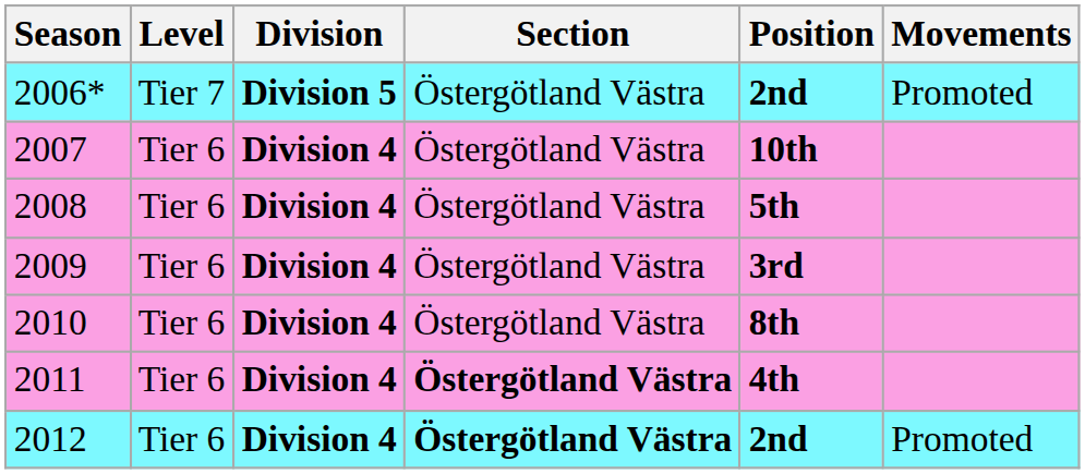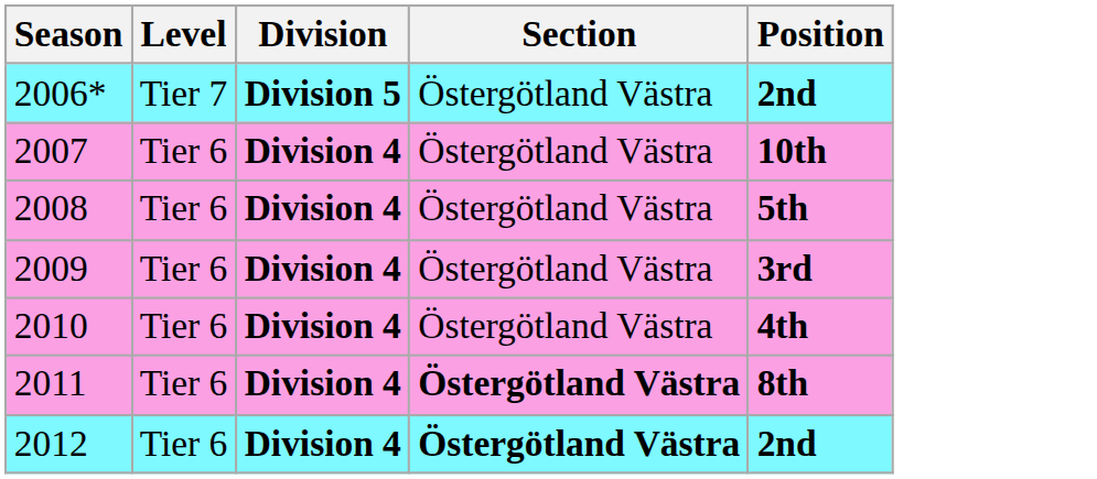 <table class="wikitable">
 <tr style="background:#f0f6fa;">
 <th>Season</th>
 <th>Level</th>
 <th>Division</th>
 <th>Section</th>
 <th>Position</th>
-<th>Movements</th>
 </tr>
 <tr>
 <td style="background:#7DF9FF;">2006*</td>
 <td style="background:#7DF9FF;">Tier 7</td>
 <td style="background:#7DF9FF;"><strong>Division 5</strong></td>
 <td style="background:#7DF9FF;">Östergötland Västra</td>
 <td style="background:#7DF9FF;"><strong>2nd</strong></td>
-<td style="background:#7DF9FF;">Promoted</td>
 </tr>
 <tr>
 <td style="background:#FBA0E3;">2007</td>
 <td style="background:#FBA0E3;">Tier 6</td>
 <td style="background:#FBA0E3;"><strong>Division 4</strong></td>
 <td style="background:#FBA0E3;">Östergötland Västra</td>
 <td style="background:#FBA0E3;"><strong>10th</strong></td>
-<td style="background:#FBA0E3;"></td>
 </tr>
 <tr>
 <td style="background:#FBA0E3;">2008</td>
 <td style="background:#FBA0E3;">Tier 6</td>
 <td style="background:#FBA0E3;"><strong>Division 4</strong></td>
 <td style="background:#FBA0E3;">Östergötland Västra</td>
 <td style="background:#FBA0E3;"><strong>5th</strong></td>
-<td style="background:#FBA0E3;"></td>
 </tr>
 <tr>
 <td style="background:#FBA0E3;">2009</td>
 <td style="background:#FBA0E3;">Tier 6</td>
 <td style="background:#FBA0E3;"><strong>Division 4</strong></td>
 <td style="background:#FBA0E3;">Östergötland Västra</td>
 <td style="background:#FBA0E3;"><strong>3rd</strong></td>
-<td style="background:#FBA0E3;"></td>
 </tr>
 <tr>
 <td style="background:#FBA0E3;">2010</td>
 <td style="background:#FBA0E3;">Tier 6</td>
 <td style="background:#FBA0E3;"><strong>Division 4</strong></td>
 <td style="background:#FBA0E3;">Östergötland Västra</td>
-<td style="background:#FBA0E3;"><strong>8th</strong></td>
-<td style="background:#FBA0E3;"></td>
+<td style="background:#FBA0E3;"><strong>4th</strong></td>
 </tr>
 <tr>
 <td style="background:#FBA0E3;">2011</td>
 <td style="background:#FBA0E3;">Tier 6</td>
 <td style="background:#FBA0E3;"><strong>Division 4</strong></td>
 <td style="background:#FBA0E3;"><strong>Östergötland Västra</strong></td>
-<td style="background:#FBA0E3;"><strong>4th</strong></td>
-<td style="background:#FBA0E3;"></td>
+<td style="background:#FBA0E3;"><strong>8th</strong></td>
 </tr>
 <tr>
 <td style="background:#7DF9FF;">2012</td>
 <td style="background:#7DF9FF;">Tier 6</td>
 <td style="background:#7DF9FF;"><strong>Division 4</strong></td>
 <td style="background:#7DF9FF;"><strong>Östergötland Västra</strong></td>
 <td style="background:#7DF9FF;"><strong>2nd</strong></td>
-<td style="background:#7DF9FF;">Promoted<br>  </td>
 </tr>
 </table>
